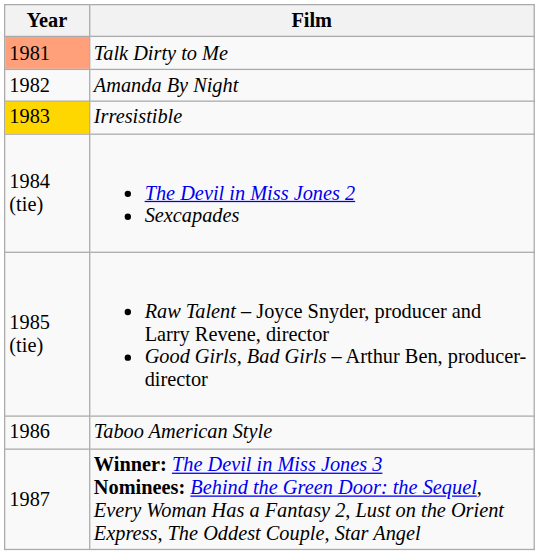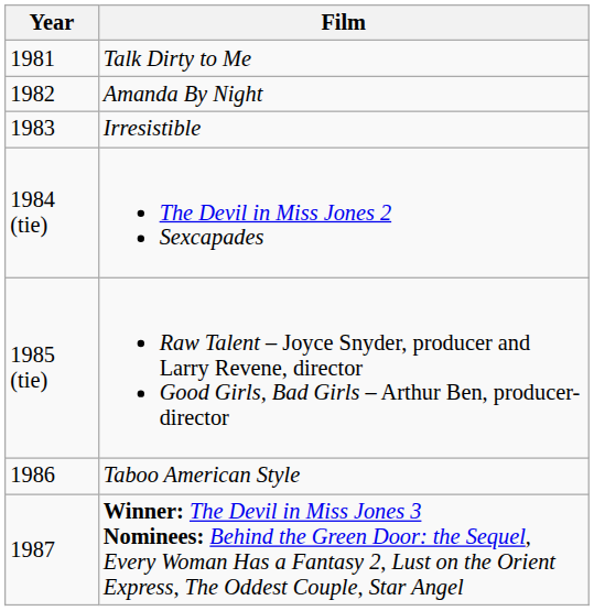 <table class=wikitable width="67%">
 <tr>
 <th width="15">Year</th>
 <th width="200">Film</th>
 </tr>
 <tr>
-<td style="background: lightsalmon;">1981</td>
+<td>1981</td>
 <td><em>Talk Dirty to Me</em></td>
 </tr>
 <tr>
 <td>1982</td>
 <td><em>Amanda By Night</em></td>
 </tr>
 <tr>
-<td style="background: gold;">1983</td>
+<td>1983</td>
 <td><em>Irresistible</em></td>
 </tr>
 <tr>
 <td>1984 (tie)</td>
 <td><br><ul><li><em><a href='#'>The Devil in Miss Jones 2</a></em></li><li><em>Sexcapades</em></li></ul></td>
 </tr>
 <tr>
 <td>1985 (tie)</td>
 <td><br><ul><li><em>Raw Talent</em> – Joyce Snyder, producer and Larry Revene, director</li><li><em>Good Girls, Bad Girls</em> – Arthur Ben, producer-director</li></ul></td>
 </tr>
 <tr>
 <td>1986</td>
 <td><em>Taboo American Style</em></td>
 </tr>
 <tr>
 <td>1987</td>
 <td><strong>Winner:</strong> <em><a href='#'>The Devil in Miss Jones 3</a></em><br><strong>Nominees:</strong> <em><a href='#'>Behind the Green Door: the Sequel</a></em>, <em>Every Woman Has a Fantasy 2</em>, <em>Lust on the Orient Express</em>, <em>The Oddest Couple</em>, <em>Star Angel</em></td>
 </tr>
 </table>
